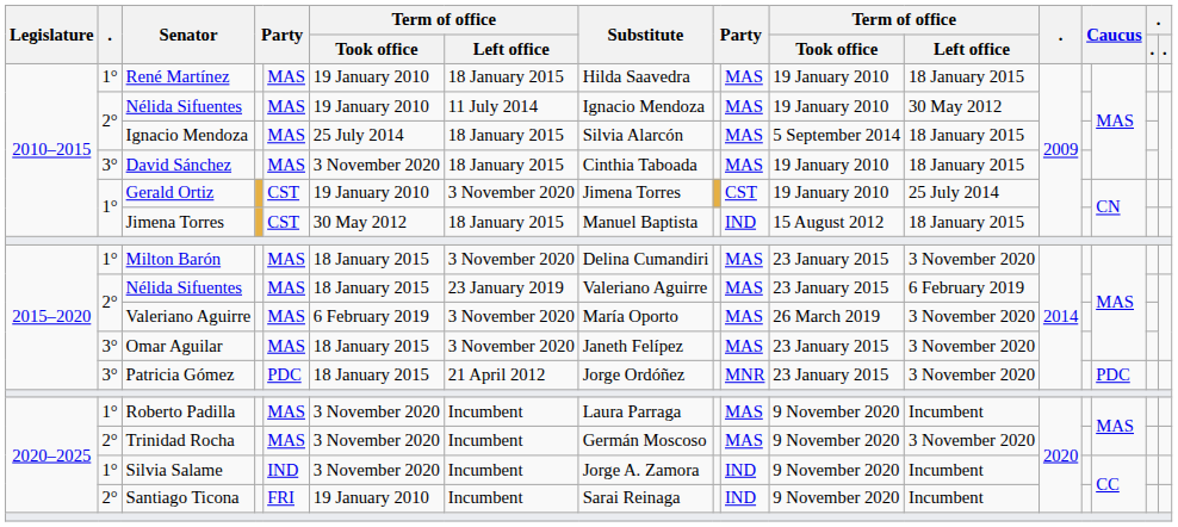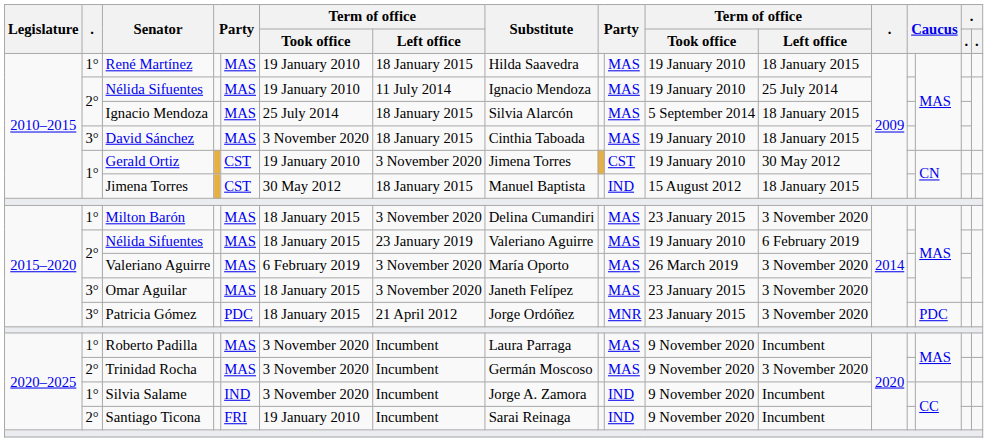 <table class="wikitable" style="font-size: 90%;">
 <tr>
 <th rowspan=2>Legislature</th>
 <th rowspan=2>.</th>
 <th rowspan=2>Senator</th>
 <th rowspan=2 colspan=2>Party</th>
 <th colspan=2>Term of office</th>
 <th rowspan=2>Substitute</th>
 <th rowspan=2 colspan=2>Party</th>
 <th colspan=2>Term of office</th>
 <th rowspan=2>.</th>
 <th rowspan=2 colspan=2><a href='#'>Caucus</a></th>
 <th colspan=2>.</th>
 </tr>
 <tr>
 <th>Took office</th>
 <th>Left office</th>
 <th>Took office</th>
 <th>Left office</th>
 <th>.</th>
 <th>.</th>
 </tr>
 <tr>
 <td style="text-align:center;" rowspan=6><a href='#'>2010–2015</a><br></td>
 <td>1°</td>
 <td><a href='#'>René Martínez</a></td>
 <td style="background-color:"></td>
 <td><a href='#'>MAS</a></td>
 <td>19 January 2010</td>
 <td>18 January 2015</td>
 <td>Hilda Saavedra</td>
 <td style="background-color:"></td>
 <td><a href='#'>MAS</a></td>
 <td>19 January 2010</td>
 <td>18 January 2015</td>
 <td rowspan=6><a href='#'>2009</a></td>
 <td style="background-color:"></td>
 <td rowspan=4><a href='#'>MAS</a></td>
 <td></td>
 <td></td>
 </tr>
 <tr>
 <td rowspan=2>2°</td>
 <td><a href='#'>Nélida Sifuentes</a></td>
 <td style="background-color:"></td>
 <td><a href='#'>MAS</a></td>
 <td>19 January 2010</td>
 <td>11 July 2014</td>
 <td>Ignacio Mendoza</td>
 <td style="background-color:"></td>
 <td><a href='#'>MAS</a></td>
 <td>19 January 2010</td>
-<td>30 May 2012</td>
+<td>25 July 2014</td>
 <td></td>
 <td></td>
 </tr>
 <tr>
 <td>Ignacio Mendoza</td>
 <td style="background-color:"></td>
 <td><a href='#'>MAS</a></td>
 <td>25 July 2014</td>
 <td>18 January 2015</td>
 <td>Silvia Alarcón</td>
 <td style="background-color:"></td>
 <td><a href='#'>MAS</a></td>
 <td>5 September 2014</td>
 <td>18 January 2015</td>
 <td></td>
 <td></td>
 </tr>
 <tr>
 <td>3°</td>
 <td><a href='#'>David Sánchez</a></td>
 <td style="background-color:"></td>
 <td><a href='#'>MAS</a></td>
 <td>3 November 2020</td>
 <td>18 January 2015</td>
 <td>Cinthia Taboada</td>
 <td style="background-color:"></td>
 <td><a href='#'>MAS</a></td>
 <td>19 January 2010</td>
 <td>18 January 2015</td>
 <td></td>
 <td></td>
 </tr>
 <tr>
 <td rowspan=2>1°</td>
 <td><a href='#'>Gerald Ortiz</a></td>
 <td style="background-color:#E6B043;"></td>
 <td><a href='#'>CST</a></td>
 <td>19 January 2010</td>
 <td>3 November 2020</td>
 <td>Jimena Torres</td>
 <td style="background-color:#E6B043;"></td>
 <td><a href='#'>CST</a></td>
 <td>19 January 2010</td>
-<td>25 July 2014</td>
+<td>30 May 2012</td>
 <td style="background-color:"></td>
 <td rowspan=2><a href='#'>CN</a></td>
 <td></td>
 <td></td>
 </tr>
 <tr>
 <td>Jimena Torres</td>
 <td style="background-color:#E6B043;"></td>
 <td><a href='#'>CST</a></td>
 <td>30 May 2012</td>
 <td>18 January 2015</td>
 <td>Manuel Baptista</td>
 <td style="background-color:"></td>
 <td><a href='#'>IND</a></td>
 <td>15 August 2012</td>
 <td>18 January 2015</td>
 <td></td>
 <td></td>
 </tr>
 <tr>
 <td colspan=17 bgcolor="#EAECF0"></td>
 </tr>
 <tr>
 <td style="text-align:center;" rowspan=5><a href='#'>2015–2020</a><br></td>
 <td>1°</td>
 <td><a href='#'>Milton Barón</a></td>
 <td style="background-color:"></td>
 <td><a href='#'>MAS</a></td>
 <td>18 January 2015</td>
 <td>3 November 2020</td>
 <td>Delina Cumandiri</td>
 <td style="background-color:"></td>
 <td><a href='#'>MAS</a></td>
 <td>23 January 2015</td>
 <td>3 November 2020</td>
 <td rowspan=5><a href='#'>2014</a></td>
 <td style="background-color:"></td>
 <td rowspan=4><a href='#'>MAS</a></td>
 <td></td>
 <td></td>
 </tr>
 <tr>
 <td rowspan=2>2°</td>
 <td><a href='#'>Nélida Sifuentes</a></td>
 <td style="background-color:"></td>
 <td><a href='#'>MAS</a></td>
 <td>18 January 2015</td>
 <td>23 January 2019</td>
 <td>Valeriano Aguirre</td>
 <td style="background-color:"></td>
 <td><a href='#'>MAS</a></td>
-<td>23 January 2015</td>
+<td>19 January 2010</td>
 <td>6 February 2019</td>
 <td></td>
 <td></td>
 </tr>
 <tr>
 <td>Valeriano Aguirre</td>
 <td style="background-color:"></td>
 <td><a href='#'>MAS</a></td>
 <td>6 February 2019</td>
 <td>3 November 2020</td>
 <td>María Oporto</td>
 <td style="background-color:"></td>
 <td><a href='#'>MAS</a></td>
 <td>26 March 2019</td>
 <td>3 November 2020</td>
 <td></td>
 <td></td>
 </tr>
 <tr>
 <td>3°</td>
 <td>Omar Aguilar</td>
 <td style="background-color:"></td>
 <td><a href='#'>MAS</a></td>
 <td>18 January 2015</td>
 <td>3 November 2020</td>
 <td>Janeth Felípez</td>
 <td style="background-color:"></td>
 <td><a href='#'>MAS</a></td>
 <td>23 January 2015</td>
 <td>3 November 2020</td>
 <td></td>
 <td></td>
 </tr>
 <tr>
 <td>3°</td>
 <td>Patricia Gómez</td>
 <td style="background-color:"></td>
 <td><a href='#'>PDC</a></td>
 <td>18 January 2015</td>
 <td>21 April 2012</td>
 <td>Jorge Ordóñez</td>
 <td style="background-color:"></td>
 <td><a href='#'>MNR</a></td>
 <td>23 January 2015</td>
 <td>3 November 2020</td>
 <td style="background-color:"></td>
 <td><a href='#'>PDC</a></td>
 <td></td>
 <td></td>
 </tr>
 <tr>
 <td colspan=17 bgcolor="#EAECF0"></td>
 </tr>
 <tr>
 <td style="text-align:center;" rowspan=4><a href='#'>2020–2025</a><br></td>
 <td>1°</td>
 <td>Roberto Padilla</td>
 <td style="background-color:"></td>
 <td><a href='#'>MAS</a></td>
 <td>3 November 2020</td>
 <td>Incumbent</td>
 <td>Laura Parraga</td>
 <td style="background-color:"></td>
 <td><a href='#'>MAS</a></td>
 <td>9 November 2020</td>
 <td>Incumbent</td>
 <td rowspan=4><a href='#'>2020</a></td>
 <td style="background-color:"></td>
 <td rowspan=2><a href='#'>MAS</a></td>
 <td></td>
 <td></td>
 </tr>
 <tr>
 <td>2°</td>
 <td>Trinidad Rocha</td>
 <td style="background-color:"></td>
 <td><a href='#'>MAS</a></td>
 <td>3 November 2020</td>
 <td>Incumbent</td>
 <td>Germán Moscoso</td>
 <td style="background-color:"></td>
 <td><a href='#'>MAS</a></td>
 <td>9 November 2020</td>
 <td>3 November 2020</td>
 <td></td>
 <td></td>
 </tr>
 <tr>
 <td>1°</td>
 <td>Silvia Salame</td>
 <td style="background-color:"></td>
 <td><a href='#'>IND</a></td>
 <td>3 November 2020</td>
 <td>Incumbent</td>
 <td>Jorge A. Zamora</td>
 <td style="background-color:"></td>
 <td><a href='#'>IND</a></td>
 <td>9 November 2020</td>
 <td>Incumbent</td>
 <td style="background-color:"></td>
 <td rowspan=2><a href='#'>CC</a></td>
 <td></td>
 <td></td>
 </tr>
 <tr>
 <td>2°</td>
 <td>Santiago Ticona</td>
 <td style="background-color:"></td>
 <td><a href='#'>FRI</a></td>
 <td>19 January 2010</td>
 <td>Incumbent</td>
 <td>Sarai Reinaga</td>
 <td style="background-color:"></td>
 <td><a href='#'>IND</a></td>
 <td>9 November 2020</td>
 <td>Incumbent</td>
 <td></td>
 <td></td>
 </tr>
 <tr>
 <td colspan=17 bgcolor="#EAECF0"></td>
 </tr>
 </table>
